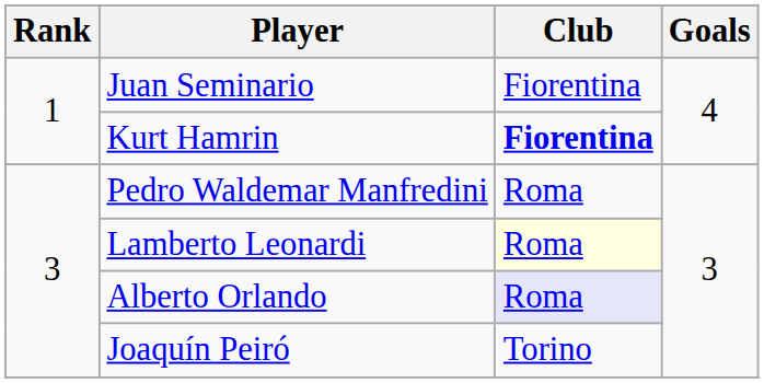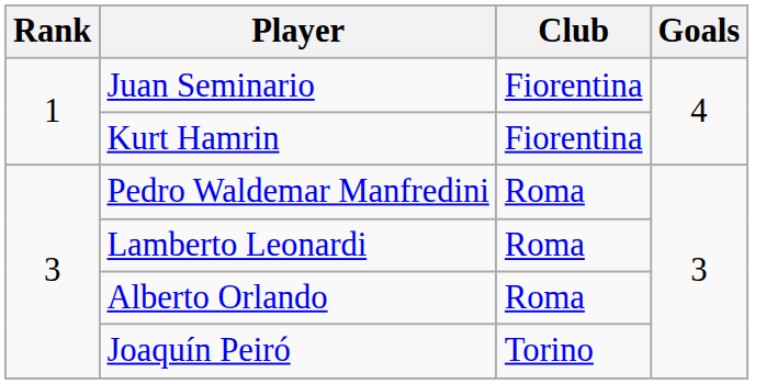 <table class="wikitable sortable" style="text-align:center">
 <tr>
 <th>Rank</th>
 <th>Player</th>
 <th>Club</th>
 <th>Goals</th>
 </tr>
 <tr>
 <td rowspan="2">1</td>
 <td align="left"><strong></strong> <a href='#'>Juan Seminario</a></td>
 <td align="left"><a href='#'>Fiorentina</a></td>
 <td rowspan="2">4</td>
 </tr>
 <tr>
 <td align="left"><strong></strong> <a href='#'>Kurt Hamrin</a></td>
-<td align="left"><strong><a href='#'>Fiorentina</a></strong></td>
+<td align="left"><a href='#'>Fiorentina</a></td>
 </tr>
 <tr>
 <td rowspan="4">3</td>
 <td align="left"><strong></strong> <a href='#'>Pedro Waldemar Manfredini</a></td>
 <td align="left"><a href='#'>Roma</a></td>
 <td rowspan="4">3</td>
 </tr>
 <tr>
 <td align="left"><strong></strong> <a href='#'>Lamberto Leonardi</a></td>
-<td align="left" style="background: lightyellow;"><a href='#'>Roma</a></td>
+<td align="left"><a href='#'>Roma</a></td>
 </tr>
 <tr>
 <td align="left"><strong></strong> <a href='#'>Alberto Orlando</a></td>
-<td align="left" style="background: lavender;"><a href='#'>Roma</a></td>
+<td align="left"><a href='#'>Roma</a></td>
 </tr>
 <tr>
 <td align="left"><strong></strong> <a href='#'>Joaquín Peiró</a></td>
 <td align="left"><a href='#'>Torino</a></td>
 </tr>
 </table>
